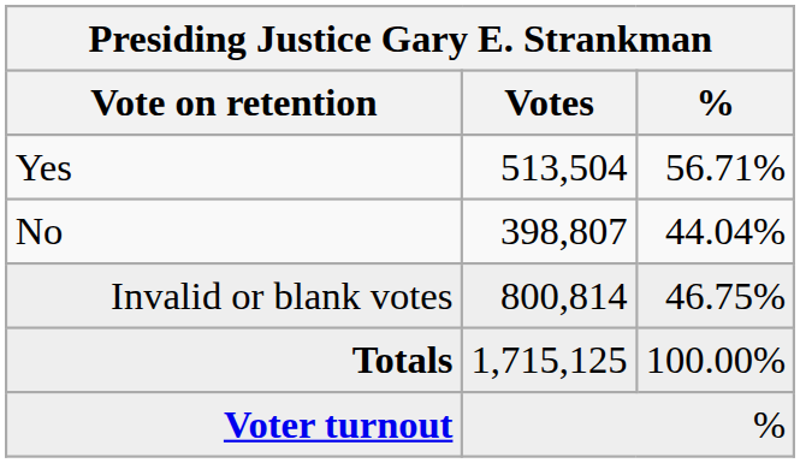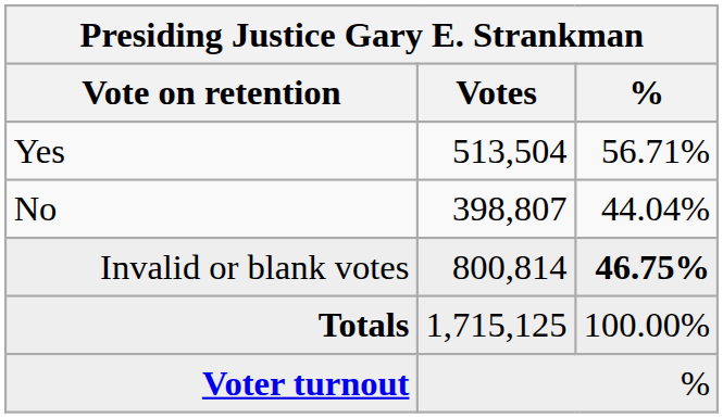 <table class="wikitable" style="font-size: 95%;">
 <tr style="background-color:#E9E9E9">
 <th colspan=7>Presiding Justice Gary E. Strankman</th>
 </tr>
 <tr style="background-color:#E9E9E9">
 <th style="width: 170px">Vote on retention</th>
 <th style="width: 50px">Votes</th>
 <th style="width: 40px">%</th>
 </tr>
 <tr>
 <td>Yes</td>
 <td align="right">513,504</td>
 <td align="right">56.71%</td>
 </tr>
 <tr>
 <td>No</td>
 <td align="right">398,807</td>
 <td align="right">44.04%</td>
 </tr>
 <tr style="background-color:#EEEEEE">
 <td align="right">Invalid or blank votes</td>
 <td align="right">800,814</td>
-<td align="right">46.75%</td>
+<td align="right"><strong>46.75%</strong></td>
 </tr>
 <tr style="background-color:#EEEEEE">
 <td colspan="1" align="right"><strong>Totals</strong></td>
 <td align="right">1,715,125</td>
 <td align="right">100.00%</td>
 </tr>
 <tr style="background-color:#EEEEEE">
 <td align="right"><strong><a href='#'>Voter turnout</a></strong></td>
 <td colspan="2" align="right">%</td>
 </tr>
 </table>
